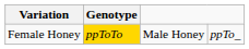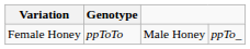 <table class="wikitable" style="margin:1em auto;">
 <tr>
 <th>Variation</th>
 <th>Genotype</th>
 </tr>
 <tr>
 <td>Female Honey</td>
-<td style="background: gold;"><em>ppToTo</em></td>
+<td><em>ppToTo</em></td>
 <td>Male Honey</td>
 <td><em>ppTo_</em></td>
 </tr>
 </table>
